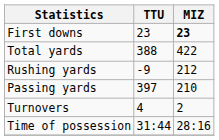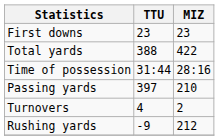 <table class="wikitable" style="float: left;">
 <tr>
 <th>Statistics</th>
 <th>TTU</th>
 <th>MIZ</th>
 </tr>
 <tr>
 <td>First downs</td>
 <td>23</td>
-<td><strong>23</strong></td>
+<td>23</td>
 </tr>
 <tr>
 <td>Total yards</td>
 <td>388</td>
 <td>422</td>
 </tr>
 <tr>
-<td>Rushing yards</td>
-<td>-9</td>
-<td>212</td>
+<td>Time of possession</td>
+<td>31:44</td>
+<td>28:16</td>
 </tr>
 <tr>
 <td>Passing yards</td>
 <td>397</td>
 <td>210</td>
 </tr>
 <tr>
 <td>Turnovers</td>
 <td>4</td>
 <td>2</td>
 </tr>
 <tr>
-<td>Time of possession</td>
-<td>31:44</td>
-<td>28:16</td>
+<td>Rushing yards</td>
+<td>-9</td>
+<td>212</td>
 </tr>
 <tr>
 </tr>
 </table>
